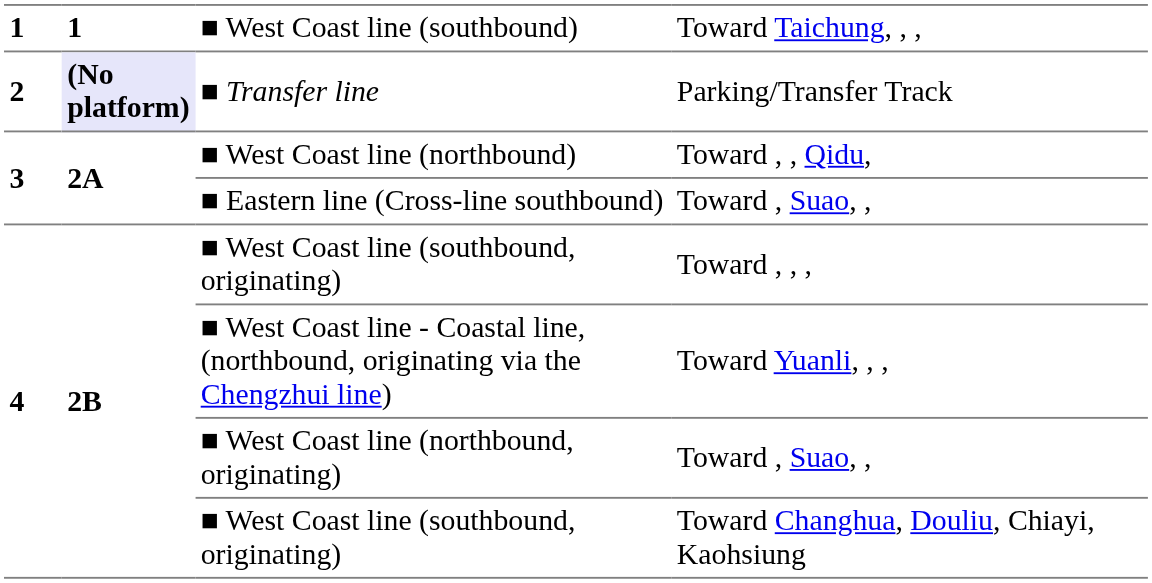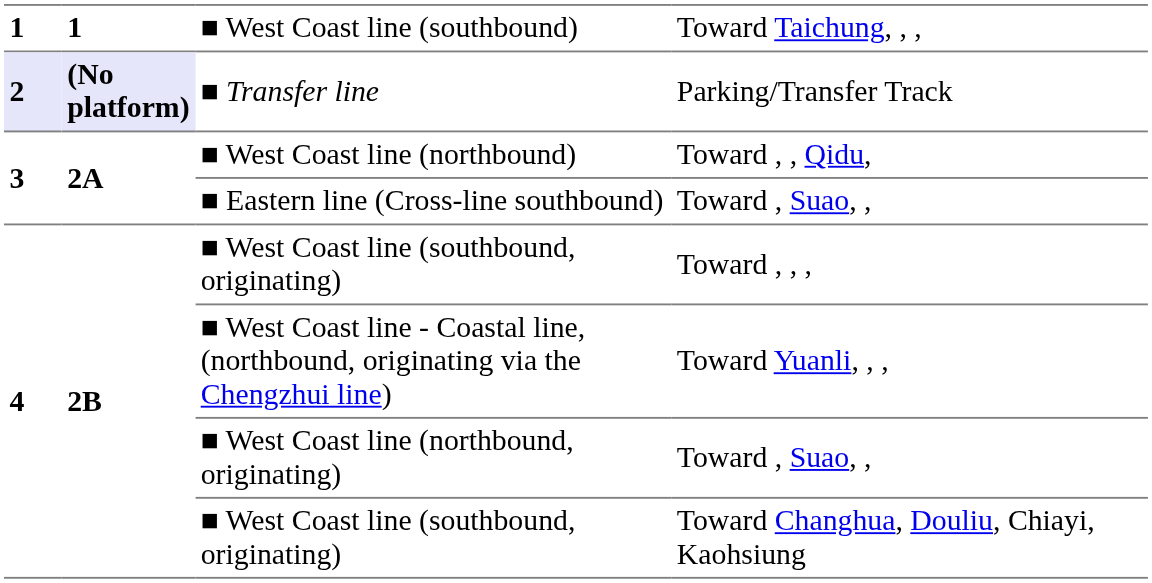 <table border=0 cellspacing=0 cellpadding=3>
 <tr>
 <td width=25 style="border-top:solid 1px gray; border-bottom:solid 1px gray;" rowspan=1><strong>1</strong></td>
 <td width=30 style="border-top:solid 1px gray; border-bottom:solid 1px gray;" rowspan=1><span><strong>1</strong></span></td>
 <td width=250 style="border-top:solid 1px gray; border-bottom:solid 1px gray;"><span>■</span> West Coast line (southbound)</td>
 <td width=250 style="border-top:solid 1px gray; border-bottom:solid 1px gray;">Toward <a href='#'>Taichung</a>, , , </td>
 </tr>
 <tr>
-<td style="border-bottom:solid 1px gray;"><strong>2</strong></td>
+<td style="background: lavender; border-bottom:solid 1px gray;"><strong>2</strong></td>
 <td style="background: lavender; border-bottom:solid 1px gray;"><strong>(No platform)</strong></td>
 <td style="border-bottom:solid 1px gray;"><span>■</span> <em>Transfer line</em></td>
 <td style="border-bottom:solid 1px gray;">Parking/Transfer Track</td>
 </tr>
 <tr>
 <td style="border-bottom:solid 1px gray;" rowspan=2><strong>3</strong></td>
 <td style="border-bottom:solid 1px gray;" rowspan=2><span><strong>2A</strong></span></td>
 <td style="border-bottom:solid 1px gray;"><span>■</span> West Coast line (northbound)</td>
 <td style="border-bottom:solid 1px gray;">Toward , , <a href='#'>Qidu</a>, </td>
 </tr>
 <tr>
 <td style="border-bottom:solid 1px gray;"><span>■</span> Eastern line (Cross-line southbound)</td>
 <td style="border-bottom:solid 1px gray;">Toward , <a href='#'>Suao</a>, , </td>
 </tr>
 <tr>
 <td style="border-bottom:solid 1px gray;" rowspan=4><strong>4</strong></td>
 <td style="border-bottom:solid 1px gray;" rowspan=4><span><strong>2B</strong></span></td>
 <td style="border-bottom:solid 1px gray;"><span>■</span> West Coast line (southbound, originating)</td>
 <td style="border-bottom:solid 1px gray;">Toward , , , </td>
 </tr>
 <tr>
 <td style="border-bottom:solid 1px gray;"><span>■</span> West Coast line - Coastal line, (northbound, originating via the <a href='#'>Chengzhui line</a>)</td>
 <td style="border-bottom:solid 1px gray;">Toward <a href='#'>Yuanli</a>, , , </td>
 </tr>
 <tr>
 <td style="border-bottom:solid 1px gray;"><span>■</span> West Coast line (northbound, originating)</td>
 <td style="border-bottom:solid 1px gray;">Toward , <a href='#'>Suao</a>, , </td>
 </tr>
 <tr>
 <td style="border-bottom:solid 1px gray;"><span>■</span> West Coast line (southbound, originating)</td>
 <td style="border-bottom:solid 1px gray;">Toward <a href='#'>Changhua</a>, <a href='#'>Douliu</a>, Chiayi, Kaohsiung</td>
 </tr>
 </table>
